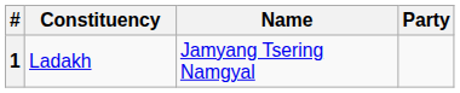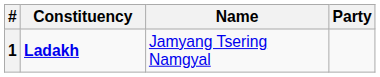 <table class="wikitable sortable">
 <tr>
 <th>#</th>
 <th style="width:120px">Constituency</th>
 <th style="width:180px">Name</th>
 <th colspan=2>Party</th>
 </tr>
 <tr>
 <th>1</th>
-<td><a href='#'>Ladakh</a></td>
+<td><strong><a href='#'>Ladakh</a></strong></td>
 <td><a href='#'>Jamyang Tsering Namgyal</a></td>
 <td></td>
 </tr>
 </table>
